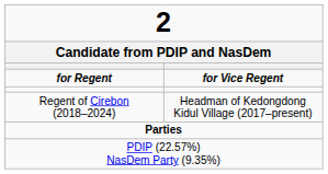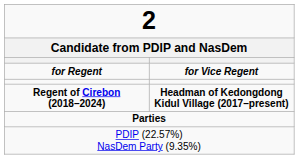 <table class="wikitable" style="font-size:90%; text-align:center;">
 <tr>
 <td colspan=2><big><big><big><big><big><strong>2</strong></big></big></big></big></big></td>
 </tr>
 <tr>
 <th colspan=2><big>Candidate from PDIP and NasDem</big></th>
 </tr>
 <tr>
 <th style="width:3em; font-size:135%; background:#"><a href='#'></a></th>
 <th style="width:3em; font-size:135%; background:#"></th>
 </tr>
 <tr style="color:#000; font-size:100%; background:#">
 <td style="width:3em; width:200px;"><strong><em>for Regent</em></strong></td>
 <td style="width:3em; width:200px;"><strong><em>for Vice Regent</em></strong></td>
 </tr>
 <tr>
 <td></td>
 <td></td>
 </tr>
 <tr>
-<td>Regent of <a href='#'>Cirebon</a><br>(2018–2024)</td>
-<td>Headman of Kedongdong Kidul Village (2017–present)</td>
+<td><strong>Regent of <a href='#'>Cirebon</a><br>(2018–2024)</strong></td>
+<td><strong>Headman of Kedongdong Kidul Village (2017–present)</strong></td>
 </tr>
 <tr>
 <td colspan=2><strong>Parties</strong></td>
 </tr>
 <tr>
 <td colspan=2> <a href='#'>PDIP</a> (22.57%)<br><a href='#'>NasDem Party</a> (9.35%)</td>
 </tr>
 </table>
